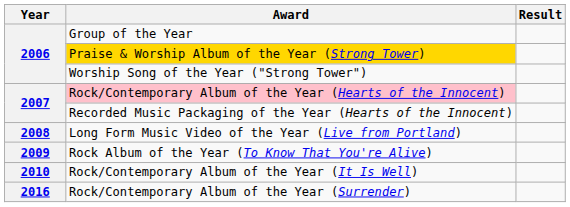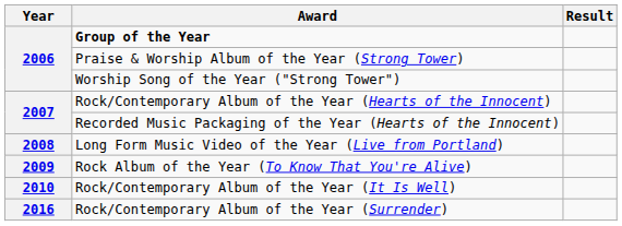 <table class="wikitable">
 <tr>
 <th style="width:60px;">Year</th>
 <th>Award</th>
 <th>Result</th>
 </tr>
 <tr>
 <th rowspan="3"><a href='#'>2006</a></th>
-<td>Group of the Year</td>
+<td><strong>Group of the Year</strong></td>
 <td></td>
 </tr>
 <tr>
-<td style="background: gold;">Praise & Worship Album of the Year (<em><a href='#'>Strong Tower</a></em>)</td>
+<td>Praise & Worship Album of the Year (<em><a href='#'>Strong Tower</a></em>)</td>
 <td></td>
 </tr>
 <tr>
 <td>Worship Song of the Year ("Strong Tower")</td>
 <td></td>
 </tr>
 <tr>
 <th rowspan="2"><a href='#'>2007</a></th>
-<td style="background: pink;">Rock/Contemporary Album of the Year (<em><a href='#'>Hearts of the Innocent</a></em>)</td>
+<td>Rock/Contemporary Album of the Year (<em><a href='#'>Hearts of the Innocent</a></em>)</td>
 <td></td>
 </tr>
 <tr>
 <td>Recorded Music Packaging of the Year (<em>Hearts of the Innocent</em>)</td>
 <td></td>
 </tr>
 <tr>
 <th><a href='#'>2008</a></th>
 <td>Long Form Music Video of the Year (<em><a href='#'>Live from Portland</a></em>)</td>
 <td></td>
 </tr>
 <tr>
 <th><a href='#'>2009</a></th>
 <td>Rock Album of the Year (<em><a href='#'>To Know That You're Alive</a></em>)</td>
 <td></td>
 </tr>
 <tr>
 <th><a href='#'>2010</a></th>
 <td>Rock/Contemporary Album of the Year (<em><a href='#'>It Is Well</a></em>)</td>
 <td></td>
 </tr>
 <tr>
 <th><a href='#'>2016</a></th>
 <td>Rock/Contemporary Album of the Year (<em><a href='#'>Surrender</a></em>)</td>
 <td></td>
 </tr>
 </table>
